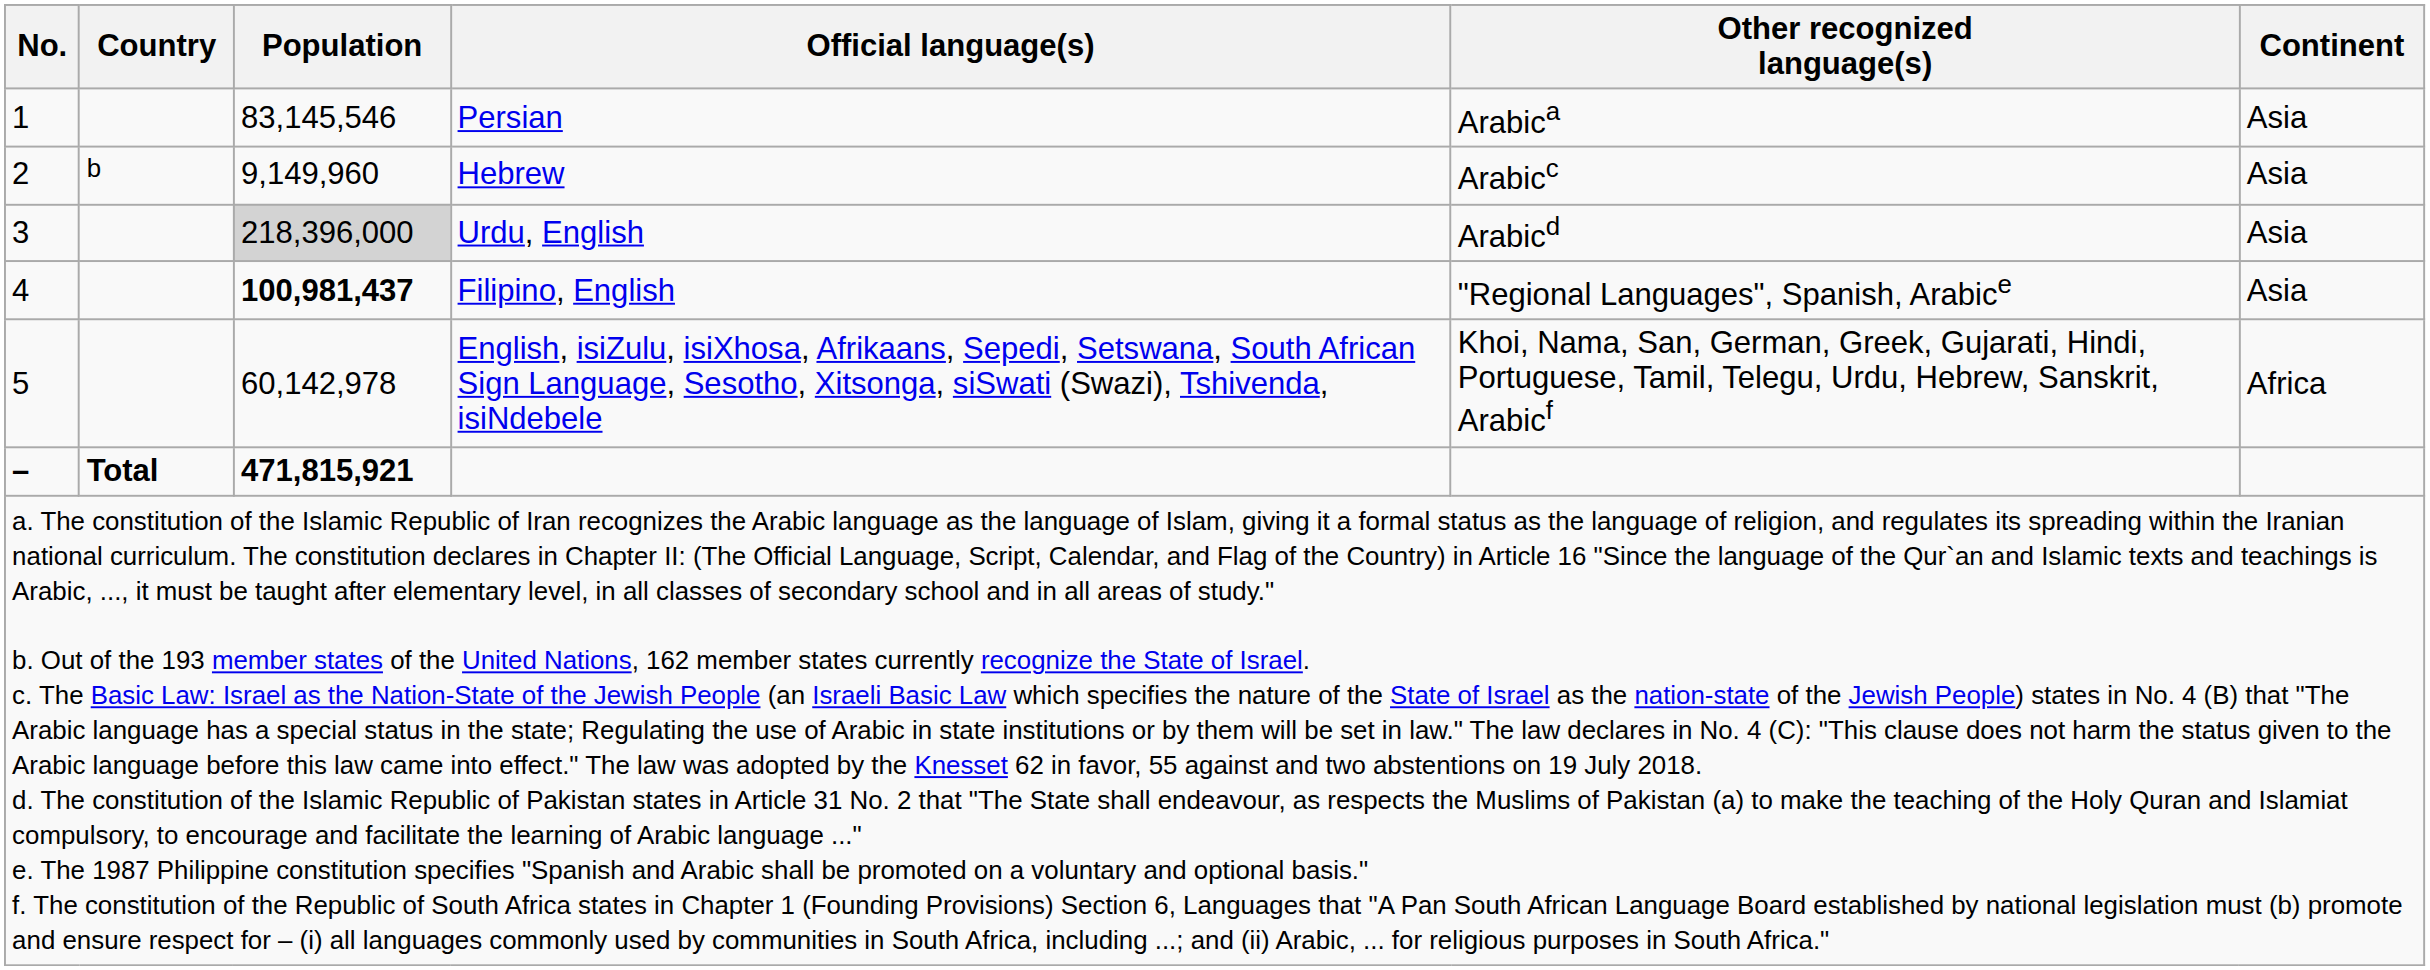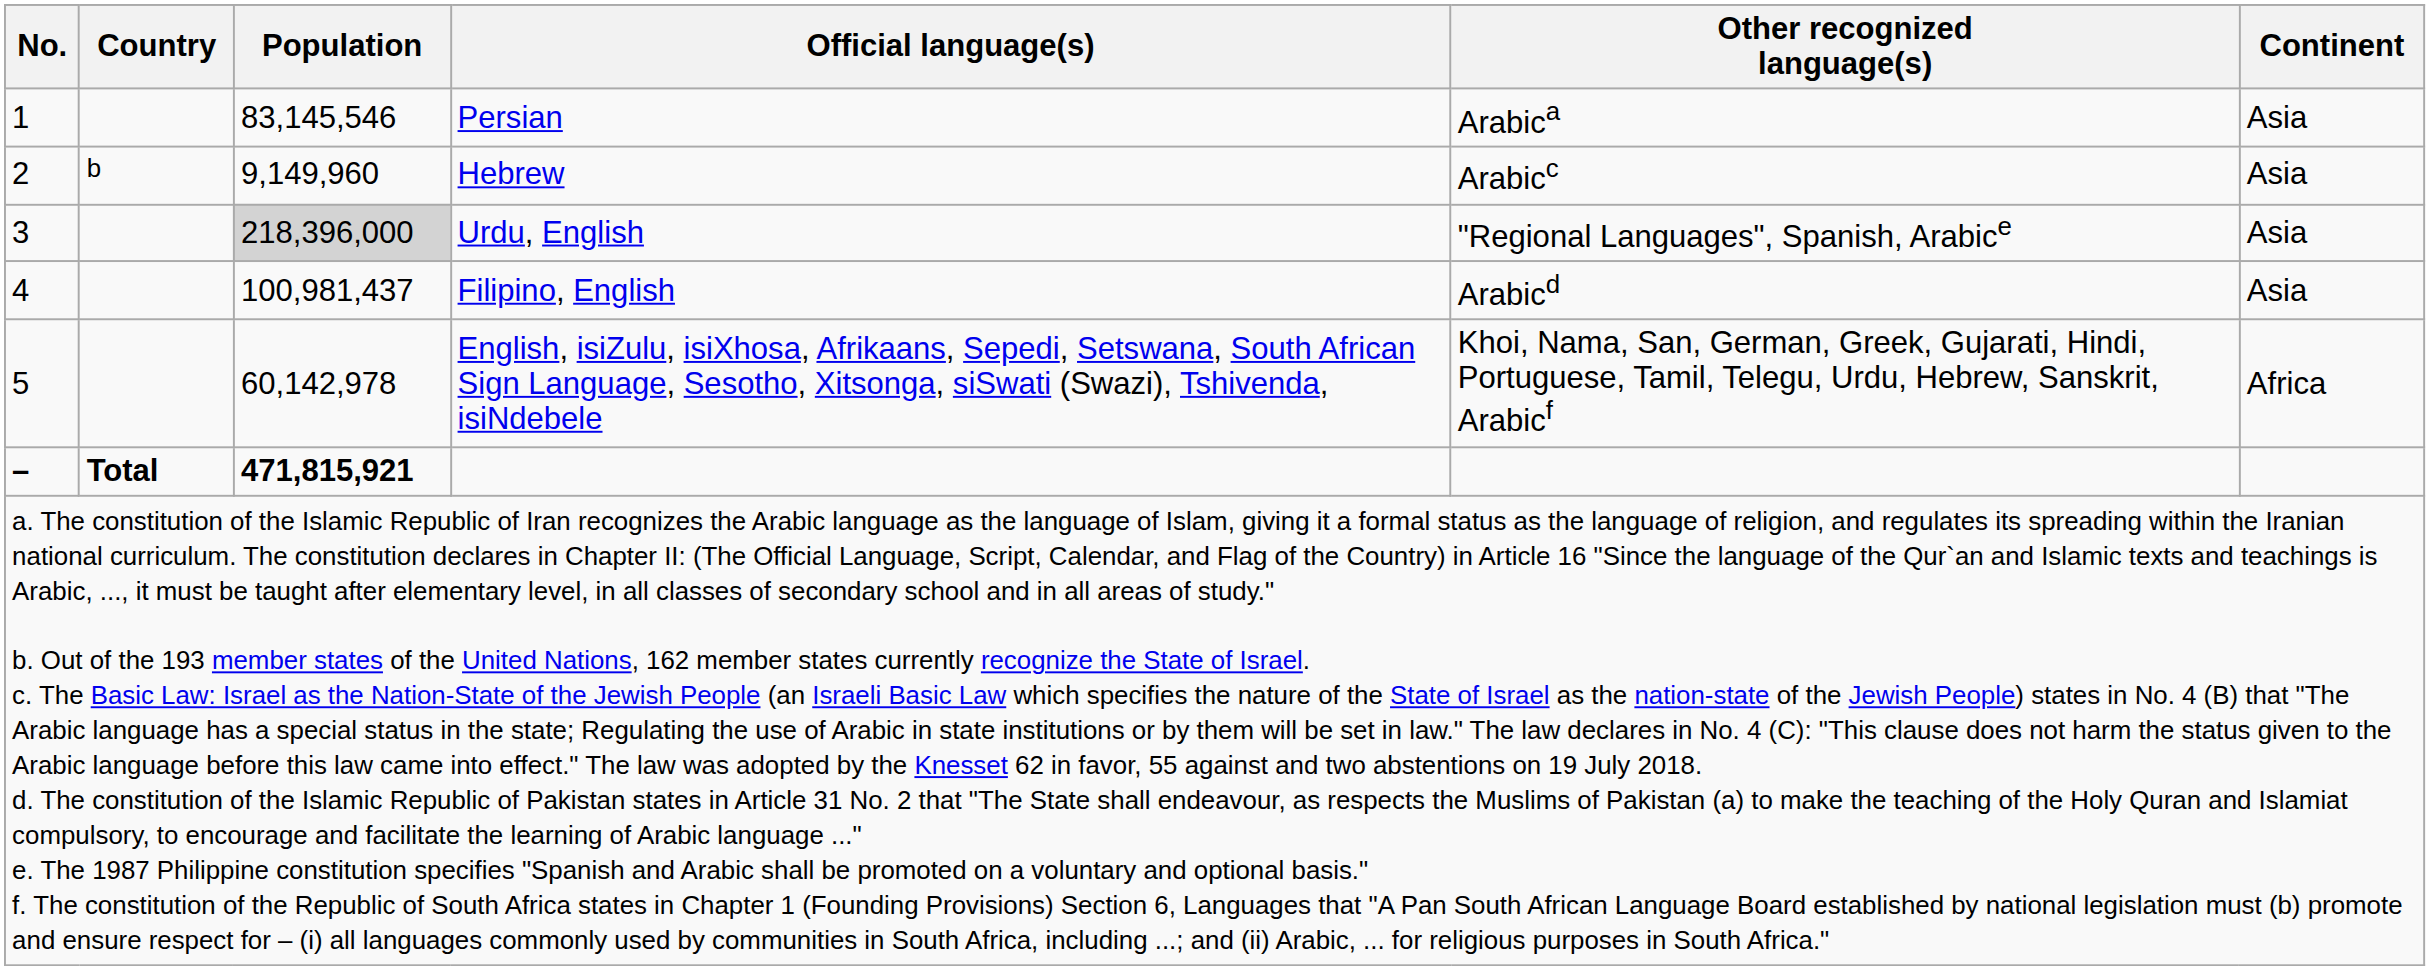 <table class="wikitable sortable">
 <tr>
 <th>No.</th>
 <th>Country</th>
 <th>Population</th>
 <th>Official language(s)</th>
 <th>Other recognized<br>language(s)</th>
 <th>Continent</th>
 </tr>
 <tr>
 <td>1</td>
 <td></td>
 <td>83,145,546</td>
 <td><a href='#'>Persian</a></td>
 <td>Arabic<sup>a</sup></td>
 <td>Asia</td>
 </tr>
 <tr>
 <td>2</td>
 <td><sup>b</sup></td>
 <td>9,149,960</td>
 <td><a href='#'>Hebrew</a></td>
 <td>Arabic<sup>c</sup></td>
 <td>Asia</td>
 </tr>
 <tr>
 <td>3</td>
 <td></td>
 <td style="background: lightgrey;">218,396,000</td>
 <td><a href='#'>Urdu</a>, <a href='#'>English</a></td>
-<td>Arabic<sup>d</sup></td>
+<td>"Regional Languages", Spanish, Arabic<sup>e</sup></td>
 <td>Asia</td>
 </tr>
 <tr>
 <td>4</td>
 <td></td>
-<td><strong>100,981,437</strong></td>
+<td>100,981,437</td>
 <td><a href='#'>Filipino</a>, <a href='#'>English</a></td>
-<td>"Regional Languages", Spanish, Arabic<sup>e</sup></td>
+<td>Arabic<sup>d</sup></td>
 <td>Asia</td>
 </tr>
 <tr>
 <td>5</td>
 <td></td>
 <td>60,142,978</td>
 <td><a href='#'>English</a>, <a href='#'>isiZulu</a>, <a href='#'>isiXhosa</a>, <a href='#'>Afrikaans</a>, <a href='#'>Sepedi</a>, <a href='#'>Setswana</a>, <a href='#'>South African Sign Language</a>, <a href='#'>Sesotho</a>, <a href='#'>Xitsonga</a>, <a href='#'>siSwati</a> (Swazi), <a href='#'>Tshivenda</a>, <a href='#'>isiNdebele</a></td>
 <td>Khoi, Nama, San, German, Greek, Gujarati, Hindi, Portuguese, Tamil, Telegu, Urdu, Hebrew, Sanskrit, Arabic<sup>f</sup></td>
 <td>Africa</td>
 </tr>
 <tr>
 <td><strong>–</strong></td>
 <td><strong>Total</strong></td>
 <td><strong>471,815,921</strong></td>
 <td></td>
 <td></td>
 <td></td>
 </tr>
 <tr class="sortbottom">
 <td colspan = "7"><small>a.  The constitution of the Islamic Republic of Iran recognizes the Arabic language as the language of Islam, giving it a formal status as the language of religion, and regulates its spreading within the Iranian national curriculum. The constitution declares in Chapter II: (The Official Language, Script, Calendar, and Flag of the Country) in Article 16 "Since the language of the Qur`an and Islamic texts and teachings is Arabic, ..., it must be taught after elementary level, in all classes of secondary school and in all areas of study."</small><br><br><small>b. Out of the 193 <a href='#'>member states</a> of the <a href='#'>United Nations</a>, 162 member states currently <a href='#'>recognize the State of Israel</a>.</small><br> <small>c.  The <a href='#'>Basic Law: Israel as the Nation-State of the Jewish People</a> (an <a href='#'>Israeli Basic Law</a> which specifies the nature of the <a href='#'>State of Israel</a> as the <a href='#'>nation-state</a> of the <a href='#'>Jewish People</a>) states in No. 4 (B) that "The Arabic language has a special status in the state; Regulating the use of Arabic in state institutions or by them will be set in law." The law declares in No. 4 (C): "This clause does not harm the status given to the Arabic language before this law came into effect." The law was adopted by the <a href='#'>Knesset</a> 62 in favor, 55 against and two abstentions on 19 July 2018.</small><br> <small>d.  The constitution of the Islamic Republic of Pakistan states in Article 31 No. 2 that "The State shall endeavour, as respects the Muslims of Pakistan (a) to make the teaching of the Holy Quran and Islamiat compulsory, to encourage and facilitate the learning of Arabic language ..."</small><br> <small>e.  The 1987 Philippine constitution specifies "Spanish and Arabic shall be promoted on a voluntary and optional basis."</small><br> <small>f.  The constitution of the Republic of South Africa states in Chapter 1 (Founding Provisions) Section 6, Languages that "A Pan South African Language Board established by national legislation must (b) promote and ensure respect for – (i) all languages commonly used by communities in South Africa, including ...; and (ii) Arabic, ... for religious purposes in South Africa."</small></td>
 </tr>
 </table>
